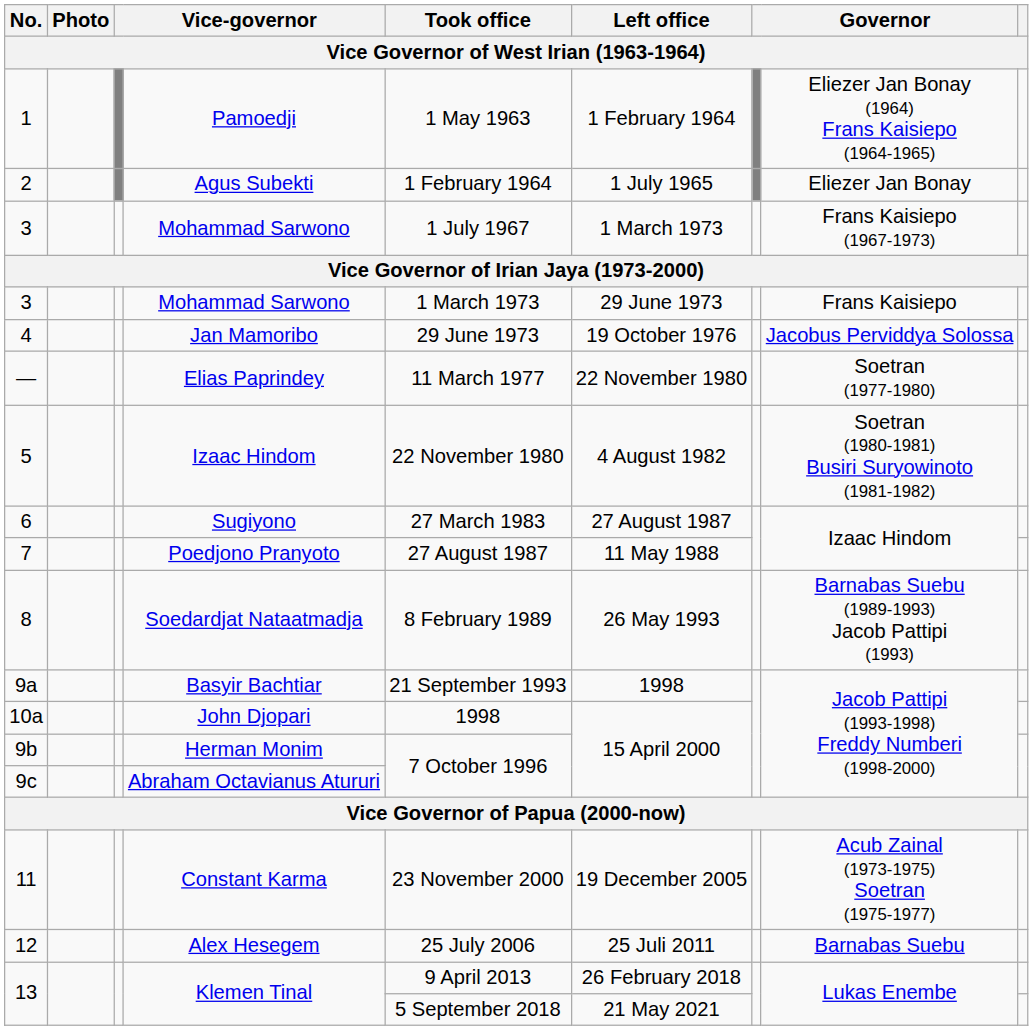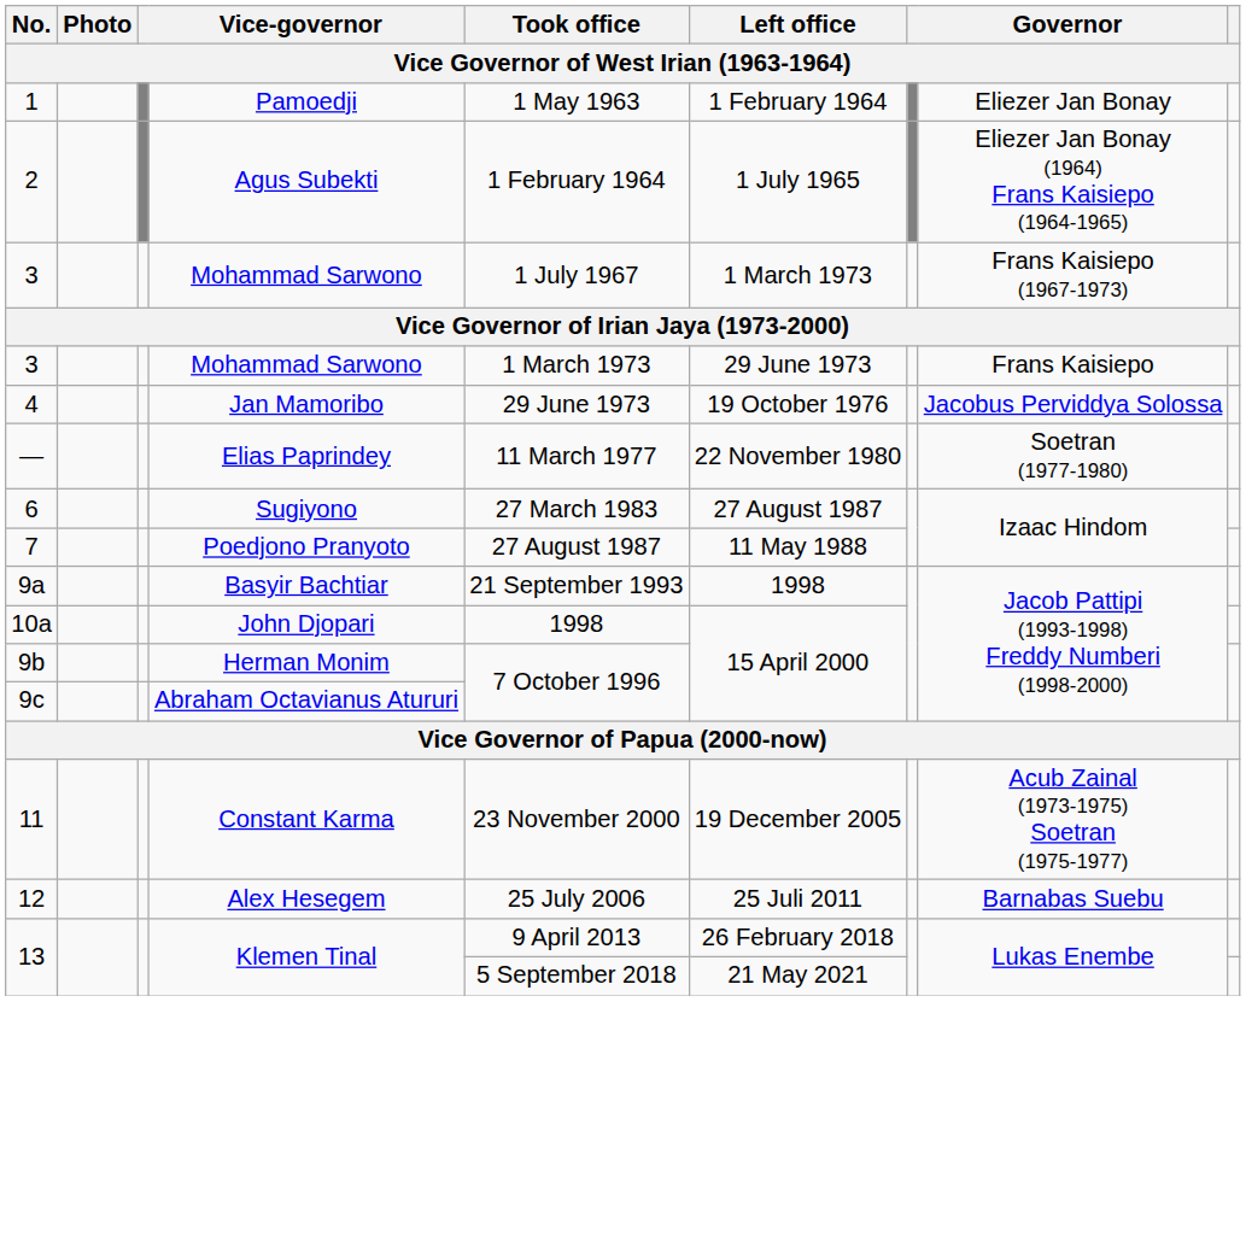 <table class="wikitable" style="text-align:center">
 <tr>
 <th>No.</th>
 <th>Photo</th>
 <th colspan="2">Vice-governor</th>
 <th>Took office</th>
 <th>Left office</th>
 <th colspan="2">Governor</th>
 <th></th>
 </tr>
 <tr>
 <th colspan="9">Vice Governor of West Irian (1963-1964)</th>
 </tr>
 <tr>
 <td>1</td>
 <td></td>
 <td bgcolor="gray"></td>
 <td><a href='#'>Pamoedji</a></td>
 <td>1 May 1963</td>
 <td>1 February 1964</td>
 <td bgcolor="gray"></td>
-<td>Eliezer Jan Bonay<br><small>(1964)</small><br><a href='#'>Frans Kaisiepo</a><br><small>(1964-1965)</small></td>
+<td>Eliezer Jan Bonay</td>
 <td></td>
 </tr>
 <tr>
 <td>2</td>
 <td></td>
 <td bgcolor="gray"></td>
 <td><a href='#'>Agus Subekti</a></td>
 <td>1 February 1964</td>
 <td>1 July 1965</td>
 <td bgcolor="gray"></td>
-<td>Eliezer Jan Bonay</td>
+<td>Eliezer Jan Bonay<br><small>(1964)</small><br><a href='#'>Frans Kaisiepo</a><br><small>(1964-1965)</small></td>
 <td></td>
 </tr>
 <tr>
 <td>3</td>
 <td></td>
 <td></td>
 <td><a href='#'>Mohammad Sarwono</a></td>
 <td>1 July 1967</td>
 <td>1 March 1973</td>
 <td></td>
 <td>Frans Kaisiepo<br><small>(1967-1973)</small></td>
 <td></td>
 </tr>
 <tr>
 <th colspan="9">Vice Governor of Irian Jaya (1973-2000)</th>
 </tr>
 <tr>
 <td>3</td>
 <td></td>
 <td></td>
 <td><a href='#'>Mohammad Sarwono</a></td>
 <td>1 March 1973</td>
 <td>29 June 1973</td>
 <td></td>
 <td>Frans Kaisiepo</td>
 <td></td>
 </tr>
 <tr>
 <td>4</td>
 <td></td>
 <td></td>
 <td><a href='#'>Jan Mamoribo</a></td>
 <td>29 June 1973</td>
 <td>19 October 1976</td>
 <td></td>
 <td><a href='#'>Jacobus Perviddya Solossa</a></td>
 <td></td>
 </tr>
 <tr>
 <td>—</td>
 <td></td>
 <td></td>
 <td><a href='#'>Elias Paprindey</a></td>
 <td>11 March 1977</td>
 <td>22 November 1980</td>
 <td></td>
 <td>Soetran<br><small>(1977-1980)</small></td>
 <td></td>
 </tr>
 <tr>
-<td>5</td>
-<td></td>
-<td></td>
-<td><a href='#'>Izaac Hindom</a></td>
-<td>22 November 1980</td>
-<td>4 August 1982</td>
-<td></td>
-<td>Soetran<br><small>(1980-1981)</small><br><a href='#'>Busiri Suryowinoto</a><br><small>(1981-1982)</small></td>
-<td></td>
-</tr>
-<tr>
 <td>6</td>
 <td></td>
 <td></td>
 <td><a href='#'>Sugiyono</a></td>
 <td>27 March 1983</td>
 <td>27 August 1987</td>
 <td rowspan="2"></td>
 <td rowspan="2">Izaac Hindom</td>
 <td></td>
 </tr>
 <tr>
 <td>7</td>
 <td></td>
 <td></td>
 <td><a href='#'>Poedjono Pranyoto</a></td>
 <td>27 August 1987</td>
 <td>11 May 1988</td>
-<td></td>
-</tr>
-<tr>
-<td>8</td>
-<td></td>
-<td></td>
-<td><a href='#'>Soedardjat Nataatmadja</a></td>
-<td>8 February 1989</td>
-<td>26 May 1993</td>
-<td></td>
-<td><a href='#'>Barnabas Suebu</a><br><small>(1989-1993)</small><br>Jacob Pattipi<br><small>(1993)</small></td>
 <td></td>
 </tr>
 <tr>
 <td>9a</td>
 <td></td>
 <td></td>
 <td><a href='#'>Basyir Bachtiar</a></td>
 <td>21 September 1993</td>
 <td>1998</td>
 <td rowspan="4"></td>
 <td rowspan="4"><a href='#'>Jacob Pattipi</a><br><small>(1993-1998)</small><br><a href='#'>Freddy Numberi</a><br><small>(1998-2000)</small></td>
 <td></td>
 </tr>
 <tr>
 <td>10a</td>
 <td></td>
 <td></td>
 <td><a href='#'>John Djopari</a></td>
 <td>1998</td>
 <td rowspan="3">15 April 2000</td>
 <td></td>
 </tr>
 <tr>
 <td>9b</td>
 <td></td>
 <td></td>
 <td><a href='#'>Herman Monim</a></td>
 <td rowspan="2">7 October 1996</td>
 <td rowspan="2"></td>
 </tr>
 <tr>
 <td>9c</td>
 <td></td>
 <td></td>
 <td><a href='#'>Abraham Octavianus Atururi</a></td>
 </tr>
 <tr>
 <th colspan="9">Vice Governor of Papua (2000-now)</th>
 </tr>
 <tr>
 <td>11</td>
 <td></td>
 <td></td>
 <td><a href='#'>Constant Karma</a></td>
 <td>23 November 2000</td>
 <td>19 December 2005</td>
 <td></td>
 <td><a href='#'>Acub Zainal</a><br><small>(1973-1975)</small><br><a href='#'>Soetran</a><br><small>(1975-1977)</small></td>
 <td></td>
 </tr>
 <tr>
 <td>12</td>
 <td></td>
 <td></td>
 <td><a href='#'>Alex Hesegem</a></td>
 <td>25 July 2006</td>
 <td>25 Juli 2011</td>
 <td></td>
 <td><a href='#'>Barnabas Suebu</a></td>
 <td></td>
 </tr>
 <tr>
 <td rowspan="2">13</td>
 <td rowspan="2"></td>
 <td rowspan="2"></td>
 <td rowspan="2"><a href='#'>Klemen Tinal</a></td>
 <td>9 April 2013</td>
 <td>26 February 2018</td>
 <td rowspan="2"></td>
 <td rowspan="2"><a href='#'>Lukas Enembe</a></td>
 <td></td>
 </tr>
 <tr>
 <td>5 September 2018</td>
 <td>21 May 2021</td>
 <td></td>
 </tr>
 </table>
